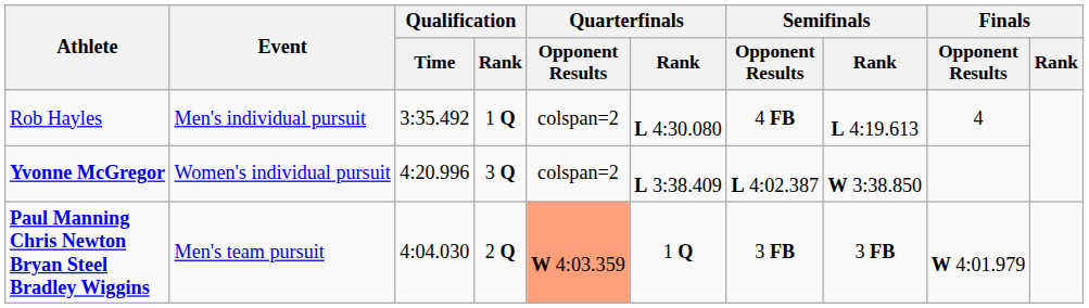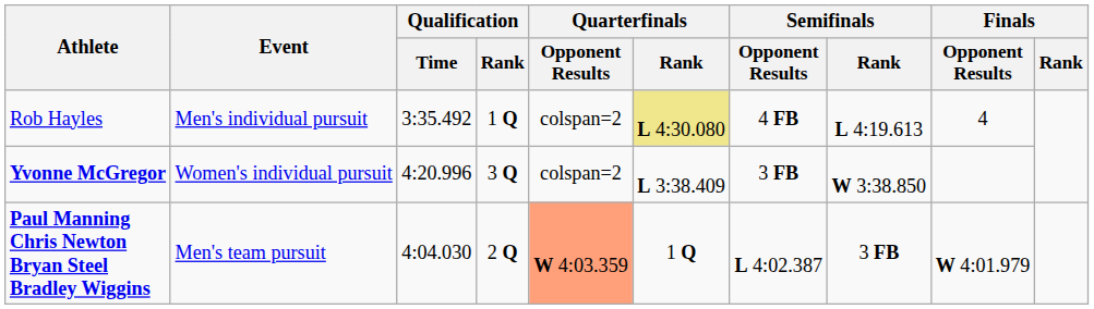 <table class=wikitable style="font-size:90%">
 <tr>
 <th rowspan="2">Athlete</th>
 <th rowspan="2">Event</th>
 <th colspan="2">Qualification</th>
 <th colspan="2">Quarterfinals</th>
 <th colspan="2">Semifinals</th>
 <th colspan="2">Finals</th>
 </tr>
 <tr style="font-size:95%">
 <th>Time</th>
 <th>Rank</th>
 <th>Opponent<br>Results</th>
 <th>Rank</th>
 <th>Opponent<br>Results</th>
 <th>Rank</th>
 <th>Opponent<br>Results</th>
 <th>Rank</th>
 </tr>
 <tr align=center>
 <td align=left><a href='#'>Rob Hayles</a></td>
 <td align=left><a href='#'>Men's individual pursuit</a></td>
 <td>3:35.492</td>
 <td>1 <strong>Q</strong></td>
 <td>colspan=2 </td>
-<td><br><strong>L</strong> 4:30.080</td>
+<td style="background: khaki;"><br><strong>L</strong> 4:30.080</td>
 <td>4 <strong>FB</strong></td>
 <td><br><strong>L</strong> 4:19.613</td>
 <td>4</td>
 </tr>
 <tr align=center>
 <td align=left><strong><a href='#'>Yvonne McGregor</a></strong></td>
 <td align=left><a href='#'>Women's individual pursuit</a></td>
 <td>4:20.996</td>
 <td>3 <strong>Q</strong></td>
 <td>colspan=2 </td>
 <td><br><strong>L</strong> 3:38.409</td>
-<td><br><strong>L</strong> 4:02.387</td>
+<td>3 <strong>FB</strong></td>
 <td><br><strong>W</strong> 3:38.850</td>
 <td></td>
 </tr>
 <tr align=center>
 <td align=left><strong><a href='#'>Paul Manning</a><br><a href='#'>Chris Newton</a><br><a href='#'>Bryan Steel</a><br><a href='#'>Bradley Wiggins</a></strong></td>
 <td align=left><a href='#'>Men's team pursuit</a></td>
 <td>4:04.030 </td>
 <td>2 <strong>Q</strong></td>
 <td style="background: lightsalmon;"><br><strong>W</strong> 4:03.359</td>
 <td>1 <strong>Q</strong></td>
-<td>3 <strong>FB</strong></td>
+<td><br><strong>L</strong> 4:02.387</td>
 <td>3 <strong>FB</strong></td>
 <td><br><strong>W</strong> 4:01.979</td>
 <td></td>
 </tr>
 </table>
